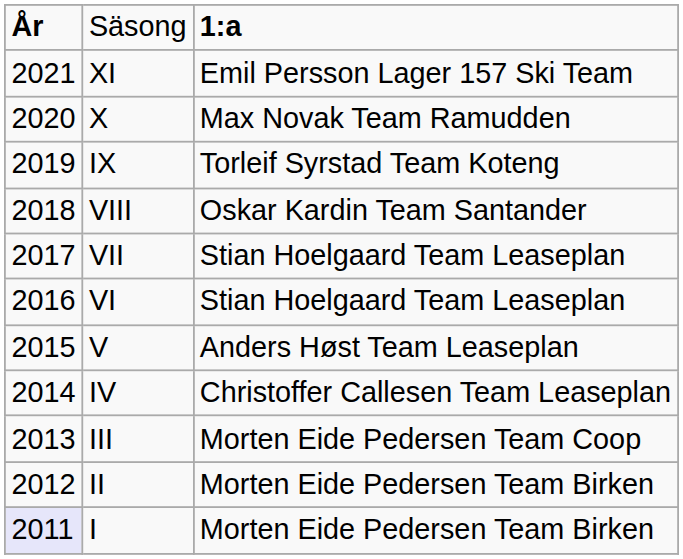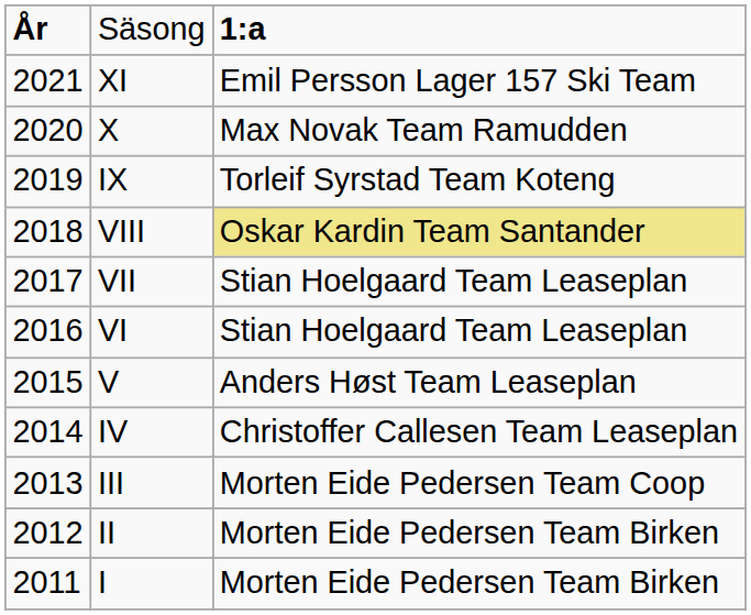 <table class="wikitable sortable">
 <tr>
 <td><strong>År</strong></td>
 <td>Säsong</td>
 <td><strong>1:a</strong></td>
 </tr>
 <tr>
 <td>2021</td>
 <td>XI</td>
 <td>Emil Persson Lager 157 Ski Team</td>
 </tr>
 <tr>
 <td>2020</td>
 <td>X</td>
 <td>Max Novak Team Ramudden</td>
 </tr>
 <tr>
 <td>2019</td>
 <td>IX</td>
 <td>Torleif Syrstad Team Koteng</td>
 </tr>
 <tr>
 <td>2018</td>
 <td>VIII</td>
-<td>Oskar Kardin Team Santander</td>
+<td style="background: khaki;">Oskar Kardin Team Santander</td>
 </tr>
 <tr>
 <td>2017</td>
 <td>VII</td>
 <td>Stian Hoelgaard Team Leaseplan</td>
 </tr>
 <tr>
 <td>2016</td>
 <td>VI</td>
 <td>Stian Hoelgaard Team Leaseplan</td>
 </tr>
 <tr>
 <td>2015</td>
 <td>V</td>
 <td>Anders Høst Team Leaseplan</td>
 </tr>
 <tr>
 <td>2014</td>
 <td>IV</td>
 <td>Christoffer Callesen Team Leaseplan</td>
 </tr>
 <tr>
 <td>2013</td>
 <td>III</td>
 <td>Morten Eide Pedersen Team Coop</td>
 </tr>
 <tr>
 <td>2012</td>
 <td>II</td>
 <td>Morten Eide Pedersen Team Birken</td>
 </tr>
 <tr>
-<td style="background: lavender;">2011</td>
+<td>2011</td>
 <td>I</td>
 <td>Morten Eide Pedersen Team Birken</td>
 </tr>
 </table>
